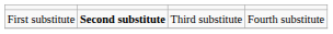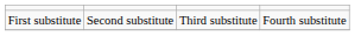 <table class="wikitable">
 <tr>
 <td></td>
 <td></td>
 <td></td>
 <td></td>
 </tr>
 <tr>
 <td>First substitute</td>
-<td><strong>Second substitute</strong></td>
+<td>Second substitute</td>
 <td>Third substitute</td>
 <td>Fourth substitute</td>
 </tr>
 <tr>
 </tr>
 </table>
